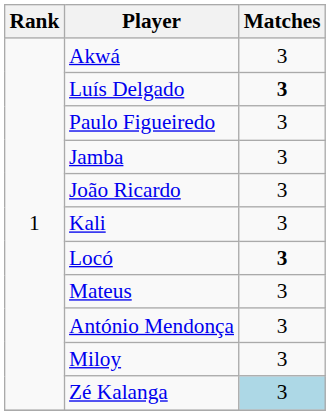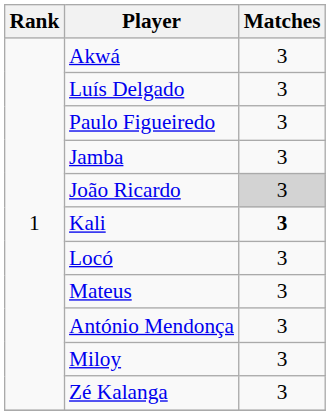 <table class="wikitable" style="text-align: left;">
 <tr>
 <th>Rank</th>
 <th>Player</th>
 <th>Matches</th>
 </tr>
 <tr>
 <td rowspan=11 align=center>1</td>
 <td><a href='#'>Akwá</a></td>
 <td align=center>3</td>
 </tr>
 <tr>
 <td><a href='#'>Luís Delgado</a></td>
-<td align=center><strong>3</strong></td>
+<td align=center>3</td>
 </tr>
 <tr>
 <td><a href='#'>Paulo Figueiredo</a></td>
 <td align=center>3</td>
 </tr>
 <tr>
 <td><a href='#'>Jamba</a></td>
 <td align=center>3</td>
 </tr>
 <tr>
 <td><a href='#'>João Ricardo</a></td>
-<td align=center>3</td>
+<td align=center style="background: lightgrey;">3</td>
 </tr>
 <tr>
 <td><a href='#'>Kali</a></td>
-<td align=center>3</td>
+<td align=center><strong>3</strong></td>
 </tr>
 <tr>
 <td><a href='#'>Locó</a></td>
-<td align=center><strong>3</strong></td>
+<td align=center>3</td>
 </tr>
 <tr>
 <td><a href='#'>Mateus</a></td>
 <td align=center>3</td>
 </tr>
 <tr>
 <td><a href='#'>António Mendonça</a></td>
 <td align=center>3</td>
 </tr>
 <tr>
 <td><a href='#'>Miloy</a></td>
 <td align=center>3</td>
 </tr>
 <tr>
 <td><a href='#'>Zé Kalanga</a></td>
-<td align=center style="background: lightblue;">3</td>
+<td align=center>3</td>
 </tr>
 <tr>
 </tr>
 </table>
